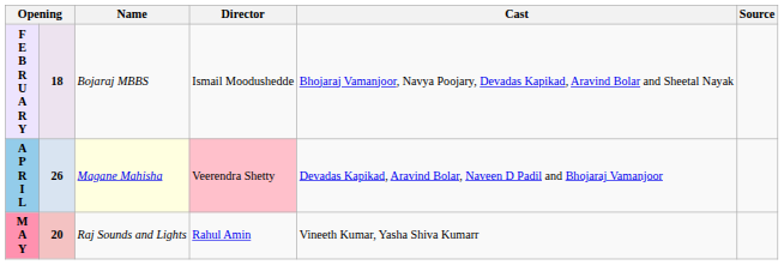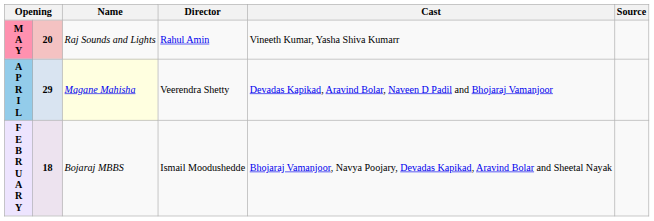 <table class="wikitable sortable">
 <tr>
 <th colspan="2"  style="width:9%;">Opening</th>
 <th>Name</th>
 <th>Director</th>
 <th>Cast</th>
 <th>Source</th>
+</tr>
+<tr>
+<td rowspan="1" style="text-align:center; background:#ff91af; textcolor:#000;"><strong>M<br>A<br>Y</strong></td>
+<td rowspan="1" style="text-align:center;background:#f4c2c2;"><strong>20</strong></td>
+<td><em>Raj Sounds and Lights</em></td>
+<td><a href='#'>Rahul Amin</a></td>
+<td>Vineeth Kumar, Yasha Shiva Kumarr</td>
+<td></td>
+</tr>
+<tr>
+<td rowspan="1" style="text-align:center; background:#93CCEA; textcolor:#000;"><strong>A<br>P<br>R<br>I<br>L</strong></td>
+<td rowspan="1" style="text-align:center;background:#d9e4f1;"><strong>29</strong></td>
+<td style="background: lightyellow;"><em><a href='#'>Magane Mahisha</a></em></td>
+<td>Veerendra Shetty</td>
+<td><a href='#'>Devadas Kapikad</a>, <a href='#'>Aravind Bolar</a>, <a href='#'>Naveen D Padil</a> and <a href='#'>Bhojaraj Vamanjoor</a></td>
+<td></td>
 </tr>
 <tr February!>
 <td rowspan="1" style="text-align:center;background:#ede4fe;"><strong>F<br>E<br>B<br>R<br>U<br>A<br>R<br>Y</strong></td>
 <td rowspan="1" style="text-align:center; background:#ede3ef;"><strong>18</strong></td>
 <td><em>Bojaraj MBBS</em></td>
 <td>Ismail Moodushedde</td>
 <td><a href='#'>Bhojaraj Vamanjoor</a>, Navya Poojary, <a href='#'>Devadas Kapikad</a>, <a href='#'>Aravind Bolar</a> and Sheetal Nayak</td>
 <td></td>
 </tr>
-<tr>
-<td rowspan="1" style="text-align:center; background:#93CCEA; textcolor:#000;"><strong>A<br>P<br>R<br>I<br>L</strong></td>
-<td rowspan="1" style="text-align:center;background:#d9e4f1;"><strong>26</strong></td>
-<td style="background: lightyellow;"><em><a href='#'>Magane Mahisha</a></em></td>
-<td style="background: pink;">Veerendra Shetty</td>
-<td><a href='#'>Devadas Kapikad</a>, <a href='#'>Aravind Bolar</a>, <a href='#'>Naveen D Padil</a> and <a href='#'>Bhojaraj Vamanjoor</a></td>
-<td></td>
-</tr>
-<tr>
-<td rowspan="1" style="text-align:center; background:#ff91af; textcolor:#000;"><strong>M<br>A<br>Y</strong></td>
-<td rowspan="1" style="text-align:center;background:#f4c2c2;"><strong>20</strong></td>
-<td><em>Raj Sounds and Lights</em></td>
-<td><a href='#'>Rahul Amin</a></td>
-<td>Vineeth Kumar, Yasha Shiva Kumarr</td>
-<td></td>
-</tr>
 </table>
